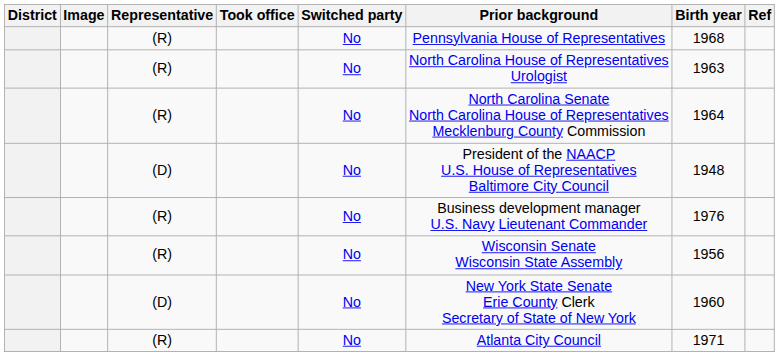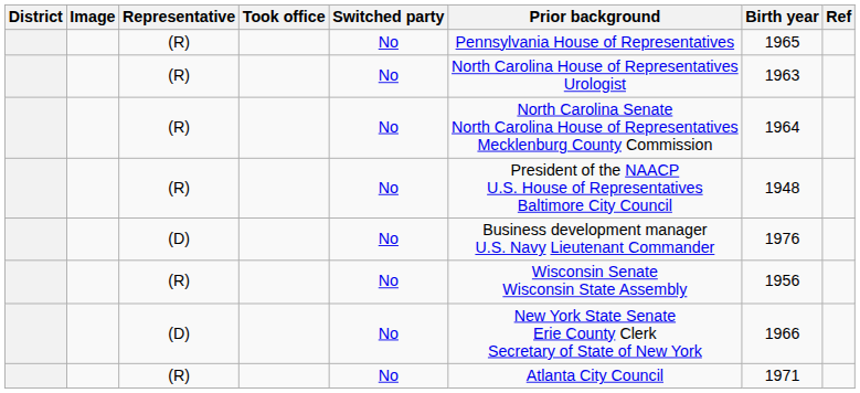 <table class="sortable wikitable" style="text-align:center">
 <tr>
 <th>District</th>
 <th>Image</th>
 <th>Representative</th>
 <th>Took office</th>
 <th>Switched party</th>
 <th>Prior background</th>
 <th>Birth year</th>
 <th>Ref</th>
 </tr>
 <tr>
 <th></th>
 <td></td>
 <td> (R)</td>
 <td></td>
 <td><a href='#'>No</a><br></td>
 <td><a href='#'>Pennsylvania House of Representatives</a></td>
-<td>1968</td>
+<td>1965</td>
 <td></td>
 </tr>
 <tr>
 <th></th>
 <td></td>
 <td> (R)</td>
 <td></td>
 <td><a href='#'>No</a><br></td>
 <td><a href='#'>North Carolina House of Representatives</a><br><a href='#'>Urologist</a></td>
 <td>1963</td>
 <td></td>
 </tr>
 <tr>
 <th></th>
 <td></td>
 <td> (R)</td>
 <td></td>
 <td><a href='#'>No</a><br></td>
 <td><a href='#'>North Carolina Senate</a><br><a href='#'>North Carolina House of Representatives</a><br><a href='#'>Mecklenburg County</a> Commission</td>
 <td>1964</td>
 <td></td>
 </tr>
 <tr>
 <th></th>
 <td></td>
-<td> (D)</td>
+<td> (R)</td>
 <td></td>
 <td><a href='#'>No</a><br></td>
 <td>President of the <a href='#'>NAACP</a><br><a href='#'>U.S. House of Representatives</a><br><a href='#'>Baltimore City Council</a></td>
 <td>1948</td>
 <td></td>
 </tr>
 <tr>
 <th></th>
 <td></td>
-<td> (R)</td>
+<td> (D)</td>
 <td></td>
 <td><a href='#'>No</a><br></td>
 <td>Business development manager<br><a href='#'>U.S. Navy</a> <a href='#'>Lieutenant Commander</a></td>
 <td>1976</td>
 <td></td>
 </tr>
 <tr>
 <th></th>
 <td></td>
 <td> (R)</td>
 <td></td>
 <td><a href='#'>No</a><br></td>
 <td><a href='#'>Wisconsin Senate</a><br><a href='#'>Wisconsin State Assembly</a></td>
 <td>1956</td>
 <td></td>
 </tr>
 <tr>
 <th></th>
 <td></td>
 <td> (D)</td>
 <td></td>
 <td><a href='#'>No</a><br></td>
 <td><a href='#'>New York State Senate</a><br><a href='#'>Erie County</a> Clerk<br><a href='#'>Secretary of State of New York</a></td>
-<td>1960</td>
+<td>1966</td>
 <td></td>
 </tr>
 <tr>
 <th></th>
 <td></td>
 <td> (R)</td>
 <td></td>
 <td><a href='#'>No</a><br></td>
 <td><a href='#'>Atlanta City Council</a></td>
 <td>1971</td>
 <td></td>
 </tr>
 </table>
